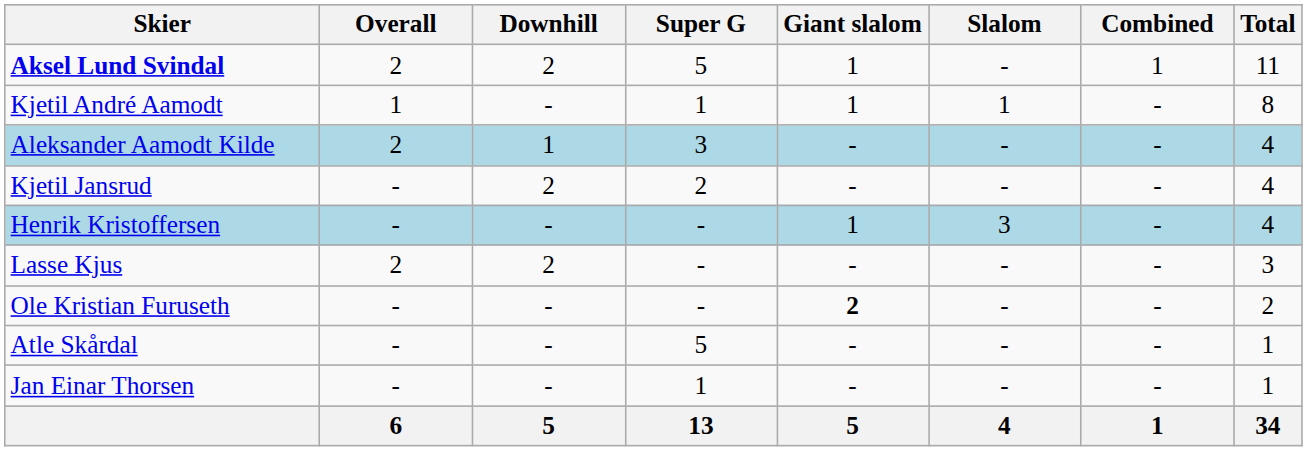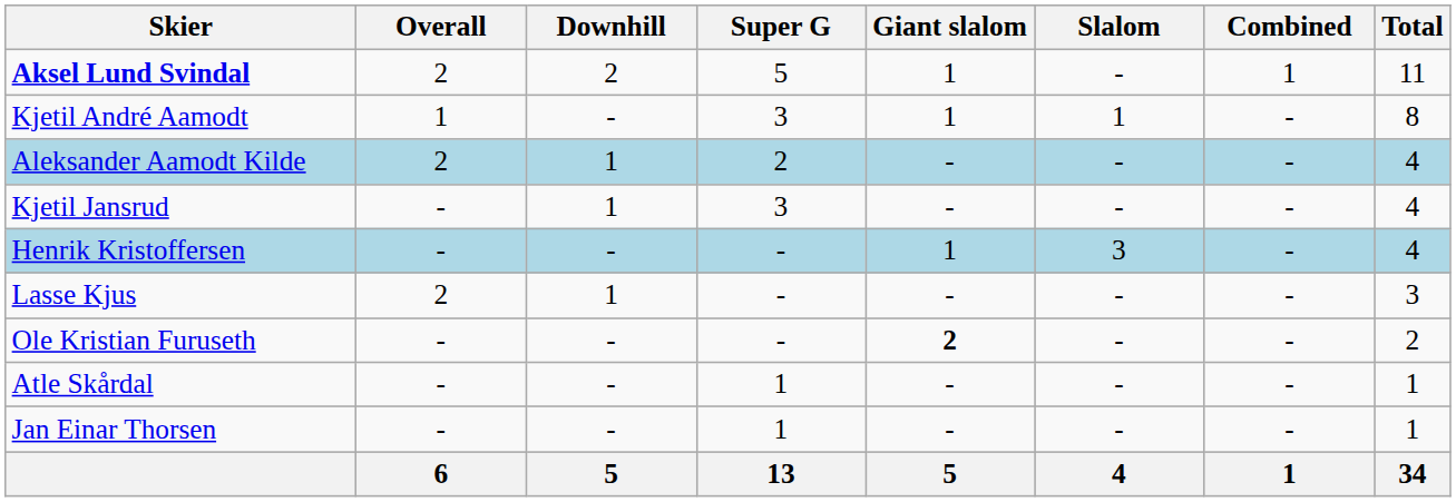 <table class="wikitable" width=65% style="font-size:100%; text-align:center;">
 <tr>
 <th style="width:25%">Skier</th>
 <th style="width:12%">Overall</th>
 <th style="width:12%">Downhill</th>
 <th style="width:12%">Super G</th>
 <th style="width:12%">Giant slalom</th>
 <th style="width:12%">Slalom</th>
 <th style="width:12%">Combined</th>
 <th style="width:12%">Total</th>
 </tr>
 <tr>
 <td align=left><strong><a href='#'>Aksel Lund Svindal</a></strong></td>
 <td>2</td>
 <td>2</td>
 <td>5</td>
 <td>1</td>
 <td>-</td>
 <td>1</td>
 <td>11</td>
 </tr>
 <tr>
 <td align=left><a href='#'>Kjetil André Aamodt</a></td>
 <td>1</td>
 <td>-</td>
-<td>1</td>
+<td>3</td>
 <td>1</td>
 <td>1</td>
 <td>-</td>
 <td>8</td>
 </tr>
 <tr bgcolor=lightblue>
 <td align=left><a href='#'>Aleksander Aamodt Kilde</a></td>
 <td>2</td>
 <td>1</td>
-<td>3</td>
+<td>2</td>
 <td>-</td>
 <td>-</td>
 <td>-</td>
 <td>4</td>
 </tr>
 <tr>
 <td align=left><a href='#'>Kjetil Jansrud</a></td>
 <td>-</td>
-<td>2</td>
-<td>2</td>
+<td>1</td>
+<td>3</td>
 <td>-</td>
 <td>-</td>
 <td>-</td>
 <td>4</td>
 </tr>
 <tr bgcolor=lightblue>
 <td align=left><a href='#'>Henrik Kristoffersen</a></td>
 <td>-</td>
 <td>-</td>
 <td>-</td>
 <td>1</td>
 <td>3</td>
 <td>-</td>
 <td>4</td>
 </tr>
 <tr>
 <td align=left><a href='#'>Lasse Kjus</a></td>
 <td>2</td>
-<td>2</td>
+<td>1</td>
 <td>-</td>
 <td>-</td>
 <td>-</td>
 <td>-</td>
 <td>3</td>
 </tr>
 <tr>
 <td align=left><a href='#'>Ole Kristian Furuseth</a></td>
 <td>-</td>
 <td>-</td>
 <td>-</td>
 <td><strong>2</strong></td>
 <td>-</td>
 <td>-</td>
 <td>2</td>
 </tr>
 <tr>
 <td align=left><a href='#'>Atle Skårdal</a></td>
 <td>-</td>
 <td>-</td>
-<td>5</td>
+<td>1</td>
 <td>-</td>
 <td>-</td>
 <td>-</td>
 <td>1</td>
 </tr>
 <tr>
 <td align=left><a href='#'>Jan Einar Thorsen</a></td>
 <td>-</td>
 <td>-</td>
 <td>1</td>
 <td>-</td>
 <td>-</td>
 <td>-</td>
 <td>1</td>
 </tr>
 <tr>
 <th></th>
 <th>6</th>
 <th>5</th>
 <th>13</th>
 <th>5</th>
 <th>4</th>
 <th>1</th>
 <th>34</th>
 </tr>
 </table>
